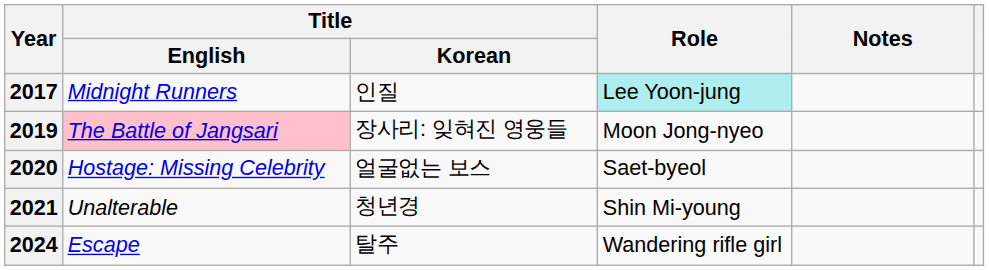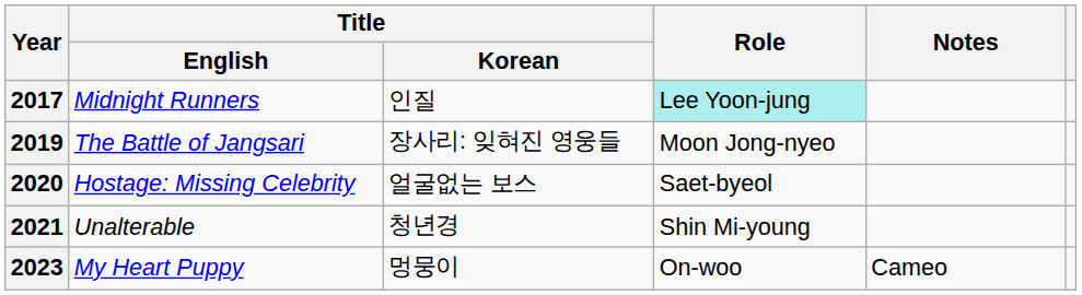 <table class="wikitable sortable plainrowheaders">
 <tr>
 <th scope="col" rowspan="2">Year</th>
 <th scope="col" colspan="2">Title</th>
 <th scope="col" rowspan="2" style="width:8.5em;">Role</th>
 <th scope="col" rowspan="2" style="width:8em;">Notes</th>
 <th scope="col" rowspan="2" class="unsortable"></th>
 </tr>
 <tr>
 <th scope="col" style="width:12.85em;">English</th>
 <th scope="col" style="width:11em;">Korean</th>
 </tr>
 <tr>
 <th scope="row">2017</th>
 <td><em><a href='#'>Midnight Runners</a></em></td>
 <td>인질</td>
 <td style="background: paleturquoise;">Lee Yoon-jung</td>
 <td></td>
 <td style="text-align:center"></td>
 </tr>
 <tr>
 <th scope="row">2019</th>
-<td style="background: pink;"><em><a href='#'>The Battle of Jangsari</a></em></td>
+<td><em><a href='#'>The Battle of Jangsari</a></em></td>
 <td>장사리: 잊혀진 영웅들</td>
 <td>Moon Jong-nyeo</td>
 <td></td>
 <td style="text-align:center"></td>
 </tr>
 <tr>
 <th scope="row">2020</th>
 <td><em><a href='#'>Hostage: Missing Celebrity</a></em></td>
 <td>얼굴없는 보스</td>
 <td>Saet-byeol</td>
 <td></td>
 <td style="text-align:center"></td>
 </tr>
 <tr>
 <th scope="row">2021</th>
 <td><em>Unalterable</em></td>
 <td>청년경</td>
 <td>Shin Mi-young</td>
 <td></td>
 <td style="text-align:center"></td>
 </tr>
 <tr>
-<th scope="row">2024</th>
-<td><em><a href='#'>Escape</a></em></td>
-<td>탈주</td>
-<td>Wandering rifle girl</td>
-<td></td>
-<td></td>
+<th scope="row">2023</th>
+<td><em><a href='#'>My Heart Puppy</a></em></td>
+<td>멍뭉이</td>
+<td>On-woo</td>
+<td>Cameo</td>
+<td style="text-align:center"></td>
 </tr>
 </table>
